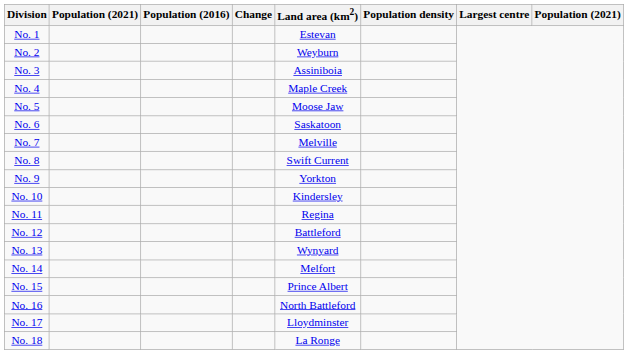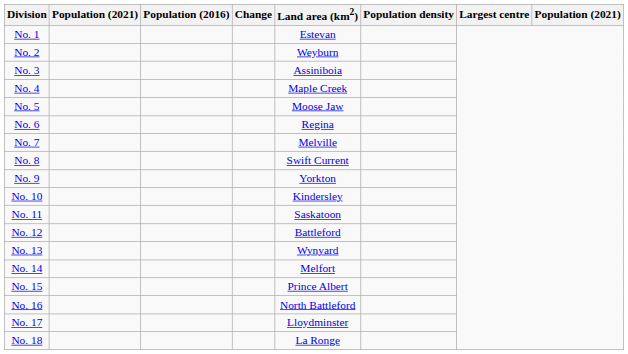 <table class="wikitable sortable" style="text-align:center">
 <tr>
 <th>Division</th>
 <th>Population (2021)</th>
 <th>Population (2016)</th>
 <th>Change</th>
 <th>Land area (km<sup>2</sup>)</th>
 <th>Population density</th>
 <th>Largest centre</th>
 <th>Population (2021)</th>
 </tr>
 <tr>
 <td scope=row><a href='#'>No. 1</a></td>
 <td></td>
 <td></td>
 <td></td>
 <td><a href='#'>Estevan</a></td>
 <td></td>
 </tr>
 <tr>
 <td scope=row><a href='#'>No. 2</a></td>
 <td></td>
 <td></td>
 <td></td>
 <td><a href='#'>Weyburn</a></td>
 <td></td>
 </tr>
 <tr>
 <td scope=row><a href='#'>No. 3</a></td>
 <td></td>
 <td></td>
 <td></td>
 <td><a href='#'>Assiniboia</a></td>
 <td></td>
 </tr>
 <tr>
 <td scope=row><a href='#'>No. 4</a></td>
 <td></td>
 <td></td>
 <td></td>
 <td><a href='#'>Maple Creek</a></td>
 <td></td>
 </tr>
 <tr>
 <td scope=row><a href='#'>No. 5</a></td>
 <td></td>
 <td></td>
 <td></td>
 <td><a href='#'>Moose Jaw</a></td>
 <td></td>
 </tr>
 <tr>
 <td scope=row><a href='#'>No. 6</a></td>
 <td></td>
 <td></td>
 <td></td>
-<td><a href='#'>Saskatoon</a></td>
+<td><a href='#'>Regina</a></td>
 <td></td>
 </tr>
 <tr>
 <td scope=row><a href='#'>No. 7</a></td>
 <td></td>
 <td></td>
 <td></td>
 <td><a href='#'>Melville</a></td>
 <td></td>
 </tr>
 <tr>
 <td scope=row><a href='#'>No. 8</a></td>
 <td></td>
 <td></td>
 <td></td>
 <td><a href='#'>Swift Current</a></td>
 <td></td>
 </tr>
 <tr>
 <td scope=row><a href='#'>No. 9</a></td>
 <td></td>
 <td></td>
 <td></td>
 <td><a href='#'>Yorkton</a></td>
 <td></td>
 </tr>
 <tr>
 <td scope=row><a href='#'>No. 10</a></td>
 <td></td>
 <td></td>
 <td></td>
 <td><a href='#'>Kindersley</a></td>
 <td></td>
 </tr>
 <tr>
 <td scope=row><a href='#'>No. 11</a></td>
 <td></td>
 <td></td>
 <td></td>
-<td><a href='#'>Regina</a></td>
+<td><a href='#'>Saskatoon</a></td>
 <td></td>
 </tr>
 <tr>
 <td scope=row><a href='#'>No. 12</a></td>
 <td></td>
 <td></td>
 <td></td>
 <td><a href='#'>Battleford</a></td>
 <td></td>
 </tr>
 <tr>
 <td scope=row><a href='#'>No. 13</a></td>
 <td></td>
 <td></td>
 <td></td>
 <td><a href='#'>Wynyard</a></td>
 <td></td>
 </tr>
 <tr>
 <td scope=row><a href='#'>No. 14</a></td>
 <td></td>
 <td></td>
 <td></td>
 <td><a href='#'>Melfort</a></td>
 <td></td>
 </tr>
 <tr>
 <td scope=row><a href='#'>No. 15</a></td>
 <td></td>
 <td></td>
 <td></td>
 <td><a href='#'>Prince Albert</a></td>
 <td></td>
 </tr>
 <tr>
 <td scope=row><a href='#'>No. 16</a></td>
 <td></td>
 <td></td>
 <td></td>
 <td><a href='#'>North Battleford</a></td>
 <td></td>
 </tr>
 <tr>
 <td scope=row><a href='#'>No. 17</a></td>
 <td></td>
 <td></td>
 <td></td>
 <td><a href='#'>Lloydminster</a></td>
 <td></td>
 </tr>
 <tr>
 <td scope=row><a href='#'>No. 18</a></td>
 <td></td>
 <td></td>
 <td></td>
 <td><a href='#'>La Ronge</a></td>
 <td></td>
 </tr>
 </table>
